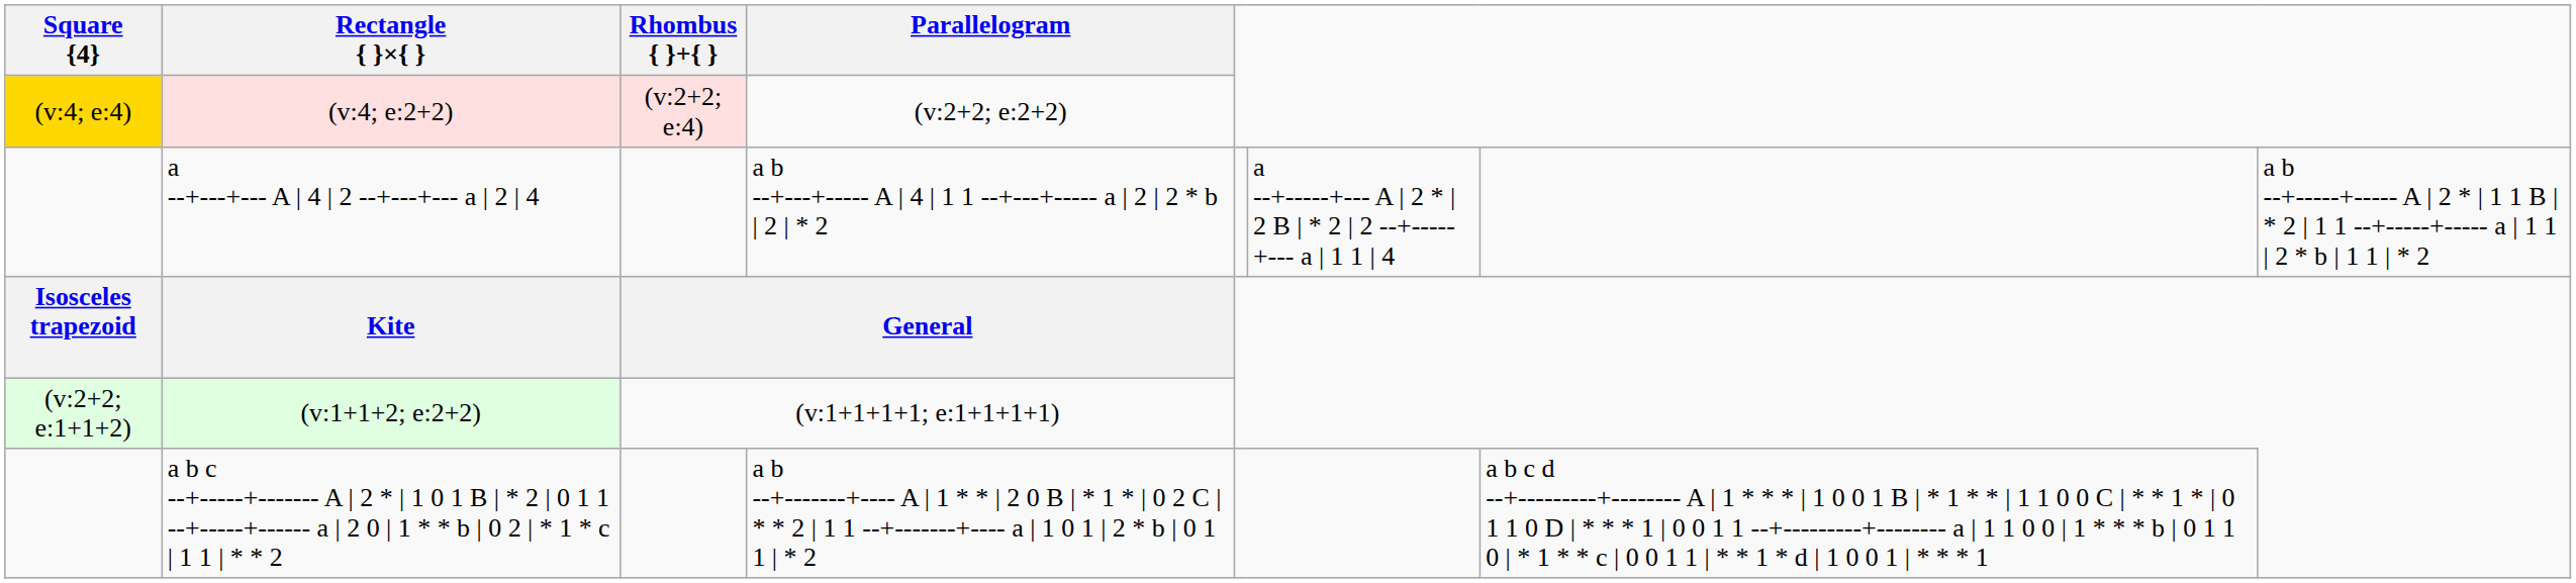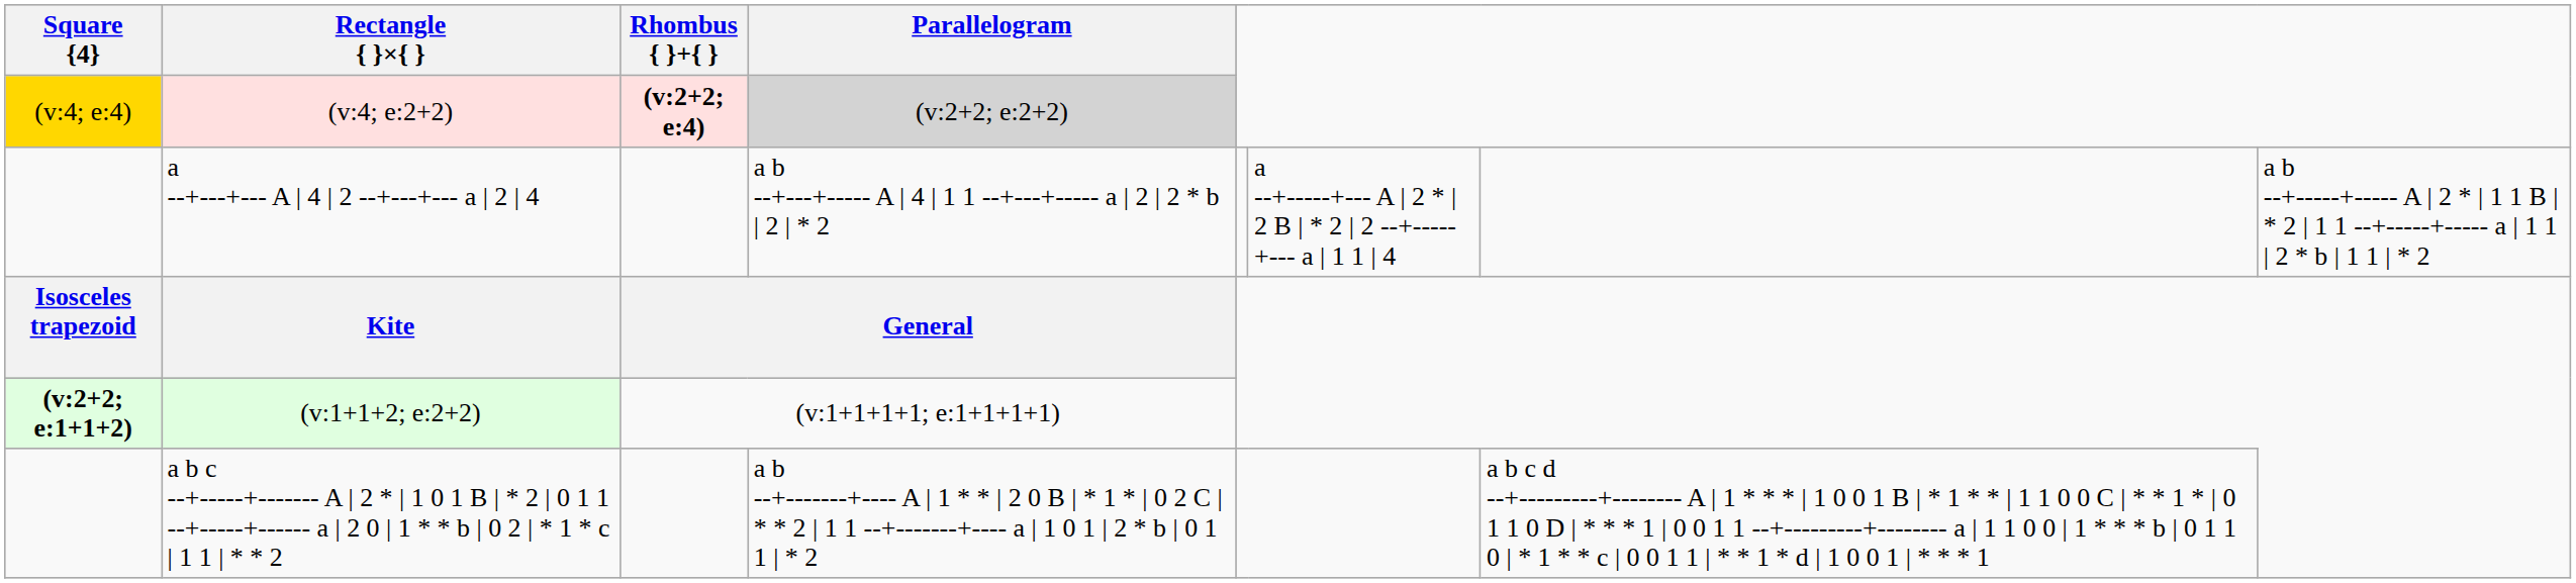 <table class=wikitable>
 <tr valign=top>
 <th><a href='#'>Square</a><br>{4}<br></th>
 <th><a href='#'>Rectangle</a><br>{ }×{ }<br></th>
 <th><a href='#'>Rhombus</a><br>{ }+{ }<br></th>
 <th><a href='#'>Parallelogram</a><br></th>
 </tr>
 <tr align=center>
 <td style="background: gold;">(v:4; e:4)</td>
 <td bgcolor="#FFE0E0">(v:4; e:2+2)</td>
-<td bgcolor="#FFE0E0">(v:2+2; e:4)</td>
-<td>(v:2+2; e:2+2)</td>
+<td bgcolor="#FFE0E0"><strong>(v:2+2; e:4)</strong></td>
+<td style="background: lightgrey;">(v:2+2; e:2+2)</td>
 </tr>
 <tr valign=top>
 <td><br><pre></td>
 <td A>a<br>--+---+--- A | 4 | 2  --+---+--- a | 2 | 4 </pre></td>
 <td><br><pre></td>
 <td A>a b<br>--+---+----- A | 4 | 1 1 --+---+----- a | 2 | 2 *  b | 2 | * 2  </pre></td>
 <td><br><pre></td>
 <td A B>a<br>--+-----+--- A | 2 * | 2  B | * 2 | 2  --+-----+--- a | 1 1 | 4 </pre></td>
 <td><br><pre></td>
 <td A B>a b<br>--+-----+----- A | 2 * | 1 1 B | * 2 | 1 1 --+-----+----- a | 1 1 | 2 *  b | 1 1 | * 2  </pre></td>
 </tr>
 <tr>
 <th><a href='#'>Isosceles trapezoid</a><br><br></th>
 <th><a href='#'>Kite</a><br></th>
 <th colspan=2><a href='#'>General</a><br></th>
 </tr>
 <tr align=center>
-<td bgcolor="#E0FFE0">(v:2+2; e:1+1+2)</td>
+<td bgcolor="#E0FFE0"><strong>(v:2+2; e:1+1+2)</strong></td>
 <td bgcolor="#E0FFE0">(v:1+1+2; e:2+2)</td>
 <td colspan=2>(v:1+1+1+1; e:1+1+1+1)</td>
 </tr>
 <tr>
 <td><br><pre></td>
 <td A B>a b c<br>--+-----+------- A | 2 * | 1 0 1  B | * 2 | 0 1 1 --+-----+------ a | 2 0 | 1 * * b | 0 2 | * 1 * c | 1 1 | * * 2  </pre></td>
 <td><br><pre></td>
 <td A B C>a b<br>--+-------+---- A | 1 * * | 2 0  B | * 1 * | 0 2 C | * * 2 | 1 1 --+-------+---- a | 1 0 1 | 2 * b | 0 1 1 | * 2  </pre></td>
 <td colspan=2><br><pre></td>
 <td A B C D>a b c d<br>--+---------+-------- A | 1 * * * | 1 0 0 1 B | * 1 * * | 1 1 0 0  C | * * 1 * | 0 1 1 0 D | * * * 1 | 0 0 1 1 --+---------+-------- a | 1 1 0 0 | 1 * * * b | 0 1 1 0 | * 1 * * c | 0 0 1 1 | * * 1 * d | 1 0 0 1 | * * * 1  </pre></td>
 </tr>
 </table>
